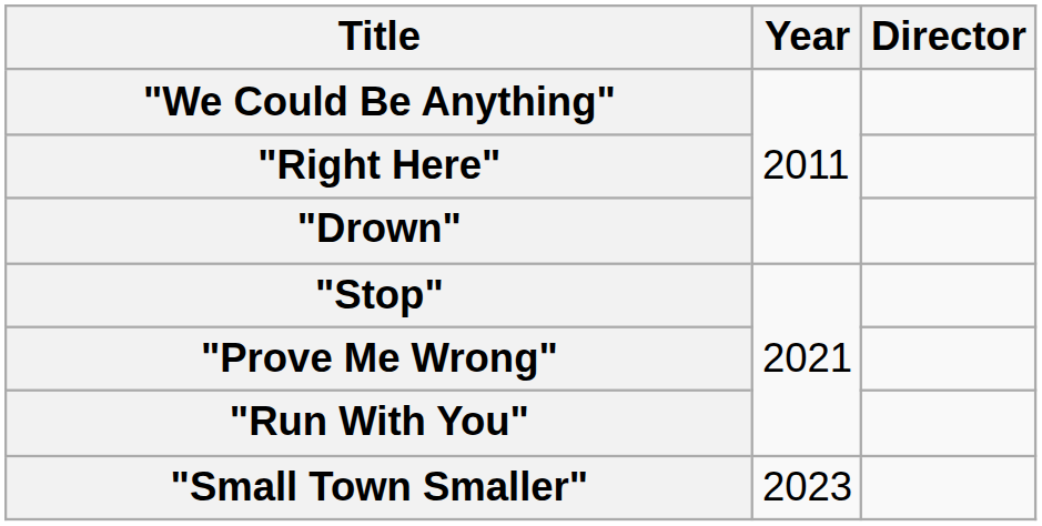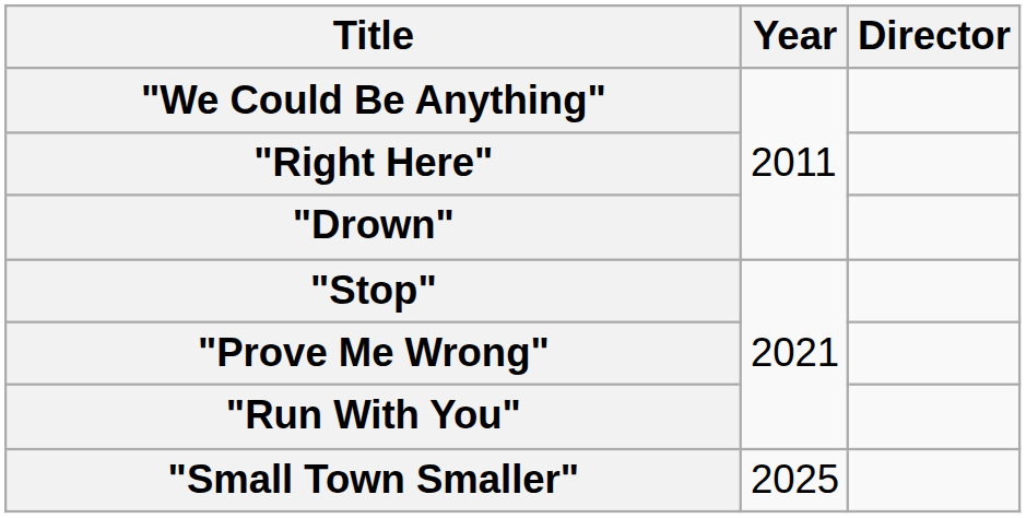 <table class="wikitable plainrowheaders" border="1">
 <tr>
 <th scope="col" style="width:18em;">Title</th>
 <th scope="col">Year</th>
 <th scope="col">Director</th>
 </tr>
 <tr>
 <th scope="row">"We Could Be Anything"</th>
 <td rowspan="3">2011</td>
 <td></td>
 </tr>
 <tr>
 <th scope="row">"Right Here"</th>
 <td></td>
 </tr>
 <tr>
 <th scope="row">"Drown"</th>
 <td></td>
 </tr>
 <tr>
 <th scope="row">"Stop"</th>
 <td rowspan="3">2021</td>
 <td></td>
 </tr>
 <tr>
 <th scope="row">"Prove Me Wrong"</th>
 <td></td>
 </tr>
 <tr>
 <th scope="row">"Run With You"</th>
 <td></td>
 </tr>
 <tr>
 <th scope="row">"Small Town Smaller"</th>
-<td>2023</td>
+<td>2025</td>
 <td></td>
 </tr>
 </table>
